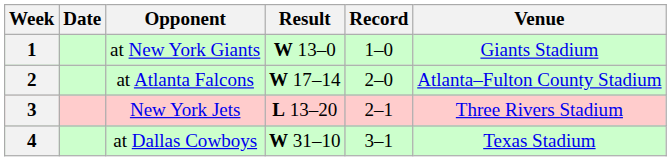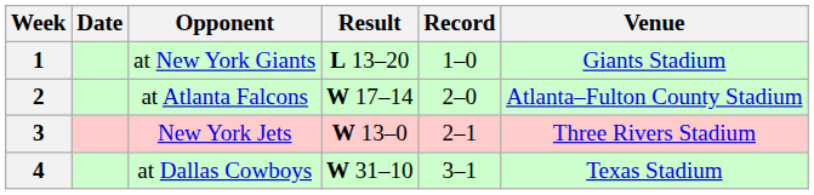 <table class="wikitable" style="text-align:center">
 <tr>
 <th>Week</th>
 <th>Date</th>
 <th>Opponent</th>
 <th>Result</th>
 <th>Record</th>
 <th>Venue</th>
 </tr>
 <tr style="background:#cfc">
 <th>1</th>
 <td></td>
 <td>at <a href='#'>New York Giants</a></td>
-<td><strong>W</strong> 13–0</td>
+<td><strong>L</strong> 13–20</td>
 <td>1–0</td>
 <td><a href='#'>Giants Stadium</a></td>
 </tr>
 <tr style="background:#cfc">
 <th>2</th>
 <td></td>
 <td>at <a href='#'>Atlanta Falcons</a></td>
 <td><strong>W</strong> 17–14</td>
 <td>2–0</td>
 <td><a href='#'>Atlanta–Fulton County Stadium</a></td>
 </tr>
 <tr style="background:#fcc">
 <th>3</th>
 <td></td>
 <td><a href='#'>New York Jets</a></td>
-<td><strong>L</strong> 13–20</td>
+<td><strong>W</strong> 13–0</td>
 <td>2–1</td>
 <td><a href='#'>Three Rivers Stadium</a></td>
 </tr>
 <tr style="background:#cfc">
 <th>4</th>
 <td></td>
 <td>at <a href='#'>Dallas Cowboys</a></td>
 <td><strong>W</strong> 31–10</td>
 <td>3–1</td>
 <td><a href='#'>Texas Stadium</a></td>
 </tr>
 </table>
